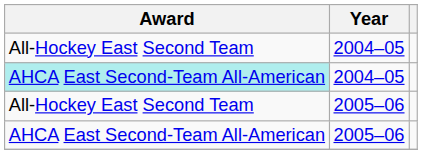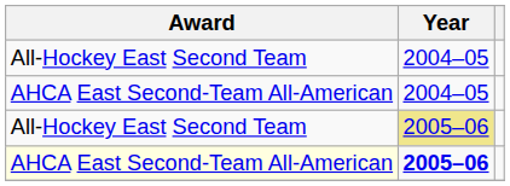 <table class="wikitable">
 <tr>
 <th>Award</th>
 <th>Year</th>
 <th></th>
 </tr>
 <tr>
 <td>All-<a href='#'>Hockey East</a> <a href='#'>Second Team</a></td>
 <td><a href='#'>2004–05</a></td>
 <td></td>
 </tr>
 <tr>
-<td style="background: paleturquoise;"><a href='#'>AHCA</a> <a href='#'>East Second-Team All-American</a></td>
+<td><a href='#'>AHCA</a> <a href='#'>East Second-Team All-American</a></td>
 <td><a href='#'>2004–05</a></td>
 <td></td>
 </tr>
 <tr>
 <td>All-<a href='#'>Hockey East</a> <a href='#'>Second Team</a></td>
-<td><a href='#'>2005–06</a></td>
+<td style="background: khaki;"><a href='#'>2005–06</a></td>
 <td></td>
 </tr>
 <tr>
-<td><a href='#'>AHCA</a> <a href='#'>East Second-Team All-American</a></td>
-<td><a href='#'>2005–06</a></td>
+<td style="background: lightyellow;"><a href='#'>AHCA</a> <a href='#'>East Second-Team All-American</a></td>
+<td><strong><a href='#'>2005–06</a></strong></td>
 <td></td>
 </tr>
 <tr>
 </tr>
 </table>
